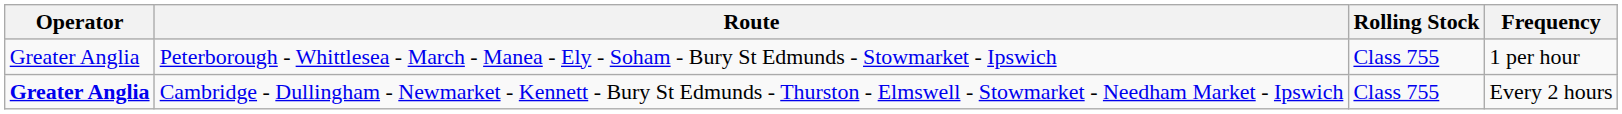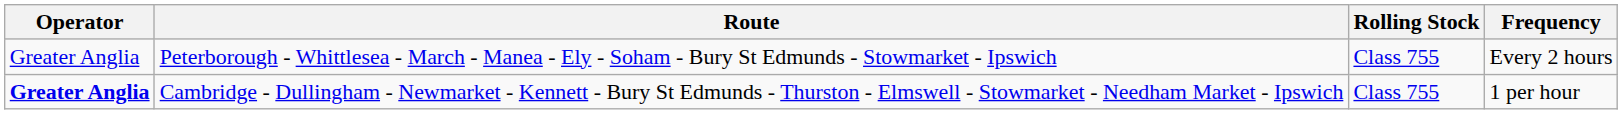 <table class="wikitable vatop">
 <tr>
 <th>Operator</th>
 <th>Route</th>
 <th>Rolling Stock</th>
 <th>Frequency</th>
 </tr>
 <tr>
 <td><a href='#'>Greater Anglia</a></td>
 <td><a href='#'>Peterborough</a> - <a href='#'>Whittlesea</a> - <a href='#'>March</a> - <a href='#'>Manea</a> - <a href='#'>Ely</a> - <a href='#'>Soham</a> - Bury St Edmunds - <a href='#'>Stowmarket</a> - <a href='#'>Ipswich</a></td>
 <td><a href='#'>Class 755</a></td>
-<td>1 per hour</td>
+<td>Every 2 hours</td>
 </tr>
 <tr>
 <td><strong><a href='#'>Greater Anglia</a></strong></td>
 <td><a href='#'>Cambridge</a> - <a href='#'>Dullingham</a> - <a href='#'>Newmarket</a> - <a href='#'>Kennett</a> - Bury St Edmunds - <a href='#'>Thurston</a> - <a href='#'>Elmswell</a> - <a href='#'>Stowmarket</a> - <a href='#'>Needham Market</a> - <a href='#'>Ipswich</a></td>
 <td><a href='#'>Class 755</a></td>
-<td>Every 2 hours</td>
+<td>1 per hour</td>
 </tr>
 </table>
